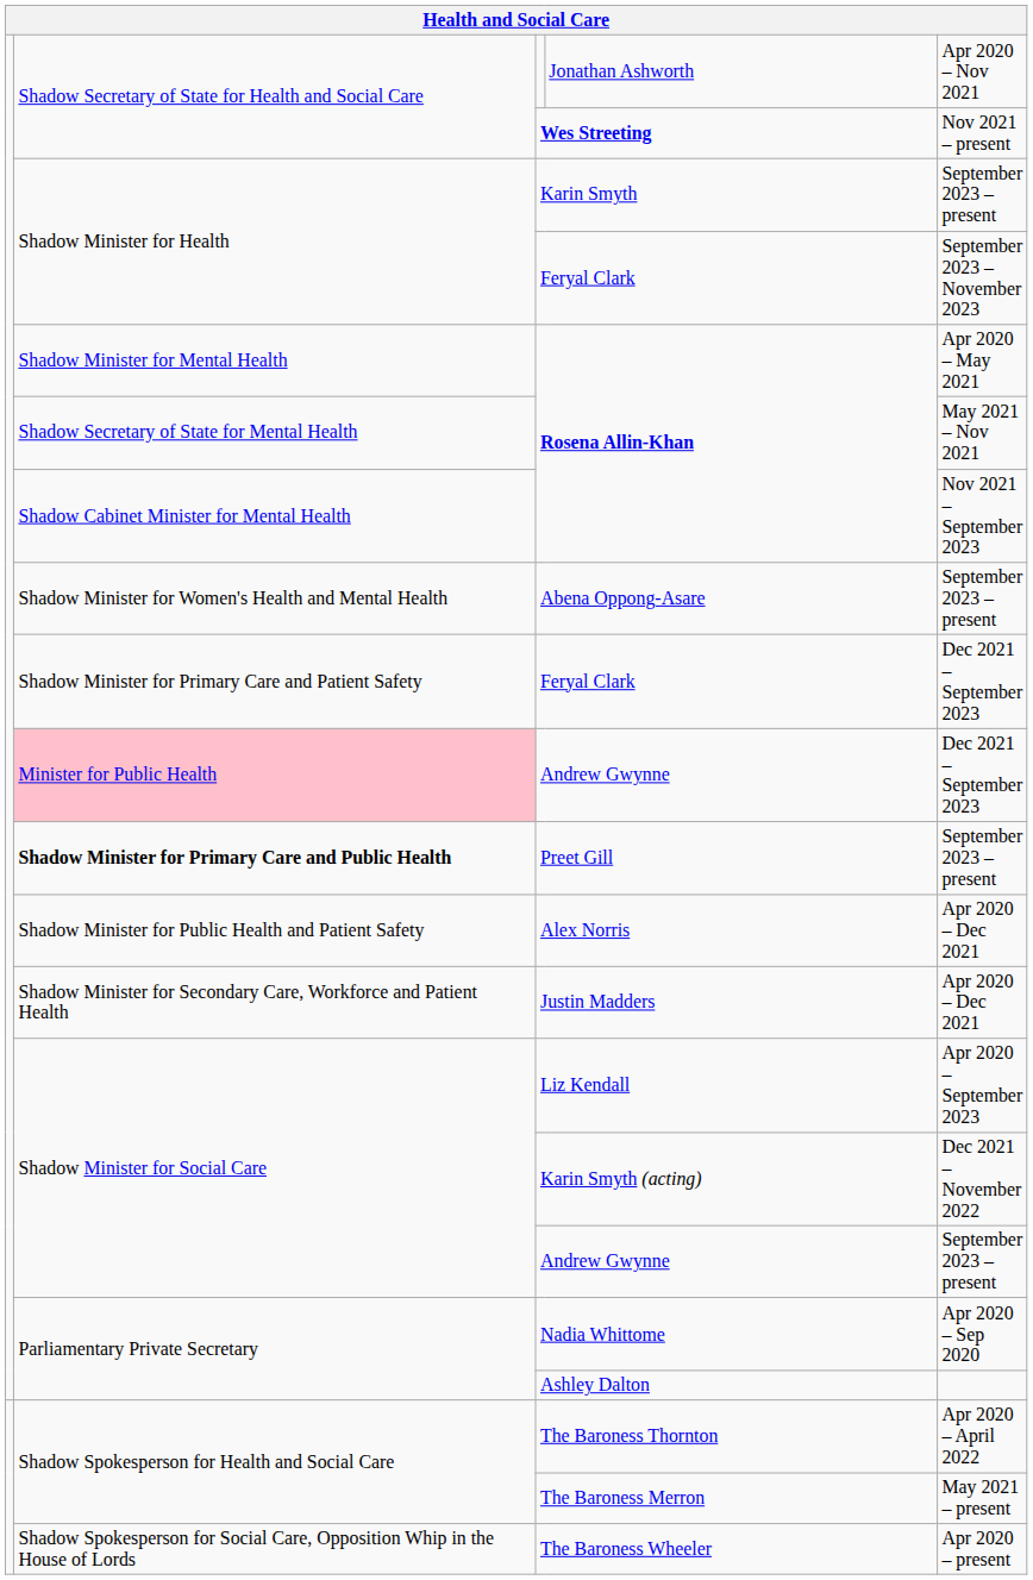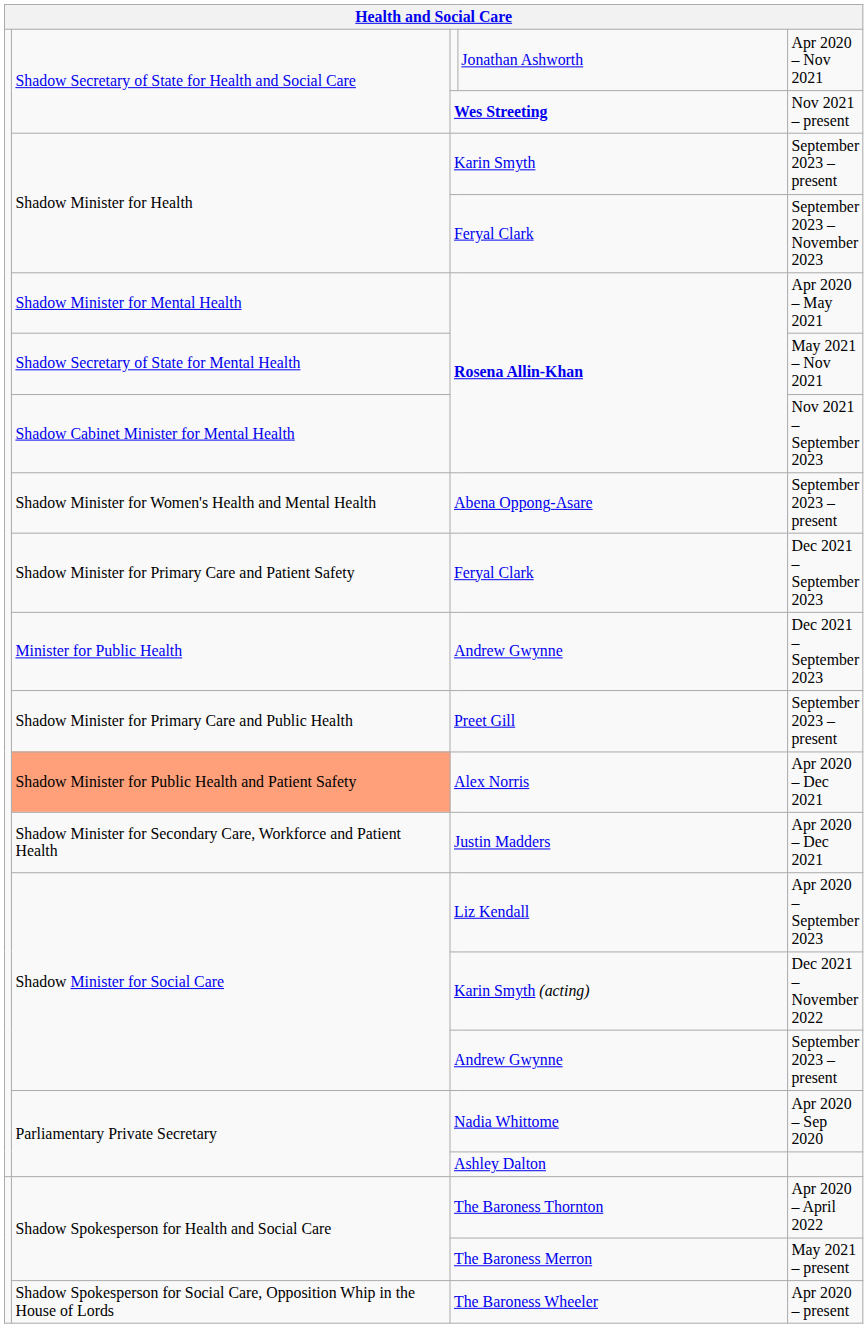 <table class="wikitable">
 <tr>
 <th colspan="5"><a href='#'>Health and Social Care</a></th>
 </tr>
 <tr>
 <td rowspan="18" style="background: "></td>
 <td rowspan="2" style="width: 450px;"><a href='#'>Shadow Secretary of State for Health and Social Care</a></td>
 <td style="background: "></td>
 <td style="width: 337px;"><a href='#'>Jonathan Ashworth</a></td>
 <td>Apr 2020 – Nov 2021</td>
 </tr>
 <tr>
 <td colspan="2"><strong><a href='#'>Wes Streeting</a></strong></td>
 <td>Nov 2021 – present</td>
 </tr>
 <tr>
 <td rowspan="2">Shadow Minister for Health</td>
 <td colspan="2"><a href='#'>Karin Smyth</a></td>
 <td>September 2023 – present</td>
 </tr>
 <tr>
 <td colspan="2"><a href='#'>Feryal Clark</a></td>
 <td>September 2023 – November 2023</td>
 </tr>
 <tr>
 <td><a href='#'>Shadow Minister for Mental Health</a></td>
 <td colspan="2" rowspan="3"><strong><a href='#'>Rosena Allin-Khan</a></strong></td>
 <td>Apr 2020 – May 2021</td>
 </tr>
 <tr>
 <td><a href='#'>Shadow Secretary of State for Mental Health</a></td>
 <td>May 2021 – Nov 2021</td>
 </tr>
 <tr>
 <td><a href='#'>Shadow Cabinet Minister for Mental Health</a></td>
 <td>Nov 2021 – September 2023</td>
 </tr>
 <tr>
 <td>Shadow Minister for Women's Health and Mental Health</td>
 <td colspan="2"><a href='#'>Abena Oppong-Asare</a></td>
 <td>September 2023 – present</td>
 </tr>
 <tr>
 <td>Shadow Minister for Primary Care and Patient Safety</td>
 <td colspan="2"><a href='#'>Feryal Clark</a></td>
 <td>Dec 2021 – September 2023</td>
 </tr>
 <tr>
-<td Shadow style="background: pink;"><a href='#'>Minister for Public Health</a></td>
+<td Shadow><a href='#'>Minister for Public Health</a></td>
 <td colspan="2"><a href='#'>Andrew Gwynne</a></td>
 <td>Dec 2021 – September 2023</td>
 </tr>
 <tr>
-<td><strong>Shadow Minister for Primary Care and Public Health</strong></td>
+<td>Shadow Minister for Primary Care and Public Health</td>
 <td colspan="2"><a href='#'>Preet Gill</a></td>
 <td>September 2023 – present</td>
 </tr>
 <tr>
-<td>Shadow Minister for Public Health and Patient Safety</td>
+<td style="background: lightsalmon;">Shadow Minister for Public Health and Patient Safety</td>
 <td colspan="2"><a href='#'>Alex Norris</a></td>
 <td>Apr 2020 – Dec 2021</td>
 </tr>
 <tr>
 <td>Shadow Minister for Secondary Care, Workforce and Patient Health</td>
 <td colspan="2"><a href='#'>Justin Madders</a></td>
 <td>Apr 2020 – Dec 2021</td>
 </tr>
 <tr>
 <td rowspan="3">Shadow <a href='#'>Minister for Social Care</a></td>
 <td colspan="2"><a href='#'>Liz Kendall</a></td>
 <td>Apr 2020 – September 2023</td>
 </tr>
 <tr>
 <td colspan="2"><a href='#'>Karin Smyth</a> <em>(acting)</em></td>
 <td>Dec 2021 – November 2022</td>
 </tr>
 <tr>
 <td colspan="2"><a href='#'>Andrew Gwynne</a></td>
 <td>September 2023 – present</td>
 </tr>
 <tr>
 <td rowspan="2">Parliamentary Private Secretary</td>
 <td colspan="2"><a href='#'>Nadia Whittome</a></td>
 <td>Apr 2020 – Sep 2020</td>
 </tr>
 <tr>
 <td colspan="2"><a href='#'>Ashley Dalton</a></td>
 <td></td>
 </tr>
 <tr>
 <td rowspan="3" style="background: "></td>
 <td rowspan="2">Shadow Spokesperson for Health and Social Care</td>
 <td colspan="2"><a href='#'>The Baroness Thornton</a></td>
 <td>Apr 2020 – April 2022</td>
 </tr>
 <tr>
 <td colspan="2"><a href='#'>The Baroness Merron</a></td>
 <td>May 2021 – present</td>
 </tr>
 <tr>
 <td>Shadow Spokesperson for Social Care,  Opposition Whip in the House of Lords</td>
 <td colspan="2"><a href='#'>The Baroness Wheeler</a></td>
 <td>Apr 2020 – present</td>
 </tr>
 </table>
